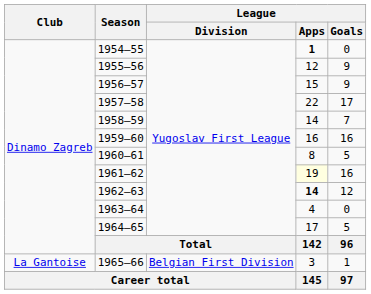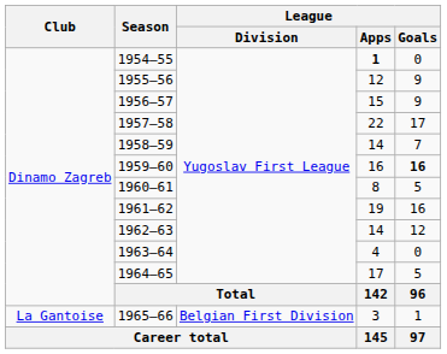 <table class="wikitable" style="text-align:center">
 <tr>
 <th rowspan="2">Club</th>
 <th rowspan="2">Season</th>
 <th colspan="3">League</th>
 </tr>
 <tr>
 <th>Division</th>
 <th>Apps</th>
 <th>Goals</th>
 </tr>
 <tr>
 <td rowspan="12"><a href='#'>Dinamo Zagreb</a></td>
 <td>1954–55</td>
 <td rowspan="11"><a href='#'>Yugoslav First League</a></td>
 <td><strong>1</strong></td>
 <td>0</td>
 </tr>
 <tr>
 <td>1955–56</td>
 <td>12</td>
 <td>9</td>
 </tr>
 <tr>
 <td>1956–57</td>
 <td>15</td>
 <td>9</td>
 </tr>
 <tr>
 <td>1957–58</td>
 <td>22</td>
 <td>17</td>
 </tr>
 <tr>
 <td>1958–59</td>
 <td>14</td>
 <td>7</td>
 </tr>
 <tr>
 <td>1959–60</td>
 <td>16</td>
-<td>16</td>
+<td><strong>16</strong></td>
 </tr>
 <tr>
 <td>1960–61</td>
 <td>8</td>
 <td>5</td>
 </tr>
 <tr>
 <td>1961–62</td>
-<td style="background: lightyellow;">19</td>
+<td>19</td>
 <td>16</td>
 </tr>
 <tr>
 <td>1962–63</td>
-<td><strong>14</strong></td>
+<td>14</td>
 <td>12</td>
 </tr>
 <tr>
 <td>1963–64</td>
 <td>4</td>
 <td>0</td>
 </tr>
 <tr>
 <td>1964–65</td>
 <td>17</td>
 <td>5</td>
 </tr>
 <tr>
 <th colspan="2">Total</th>
 <th>142</th>
 <th>96</th>
 </tr>
 <tr>
 <td><a href='#'>La Gantoise</a></td>
 <td>1965–66</td>
 <td><a href='#'>Belgian First Division</a></td>
 <td>3</td>
 <td>1</td>
 </tr>
 <tr>
 <th colspan="3">Career total</th>
 <th>145</th>
 <th>97</th>
 </tr>
 </table>
